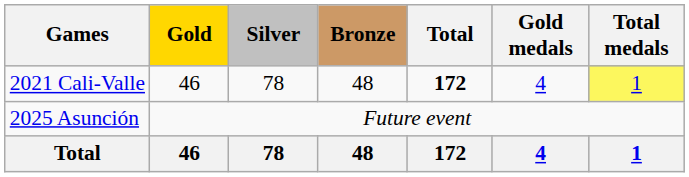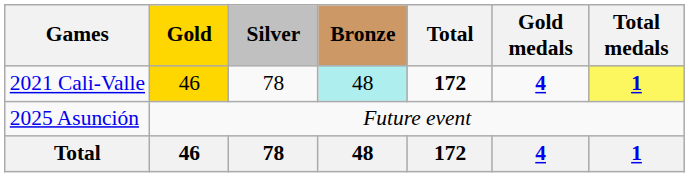 <table class="wikitable" style="text-align:center; font-size:90%;">
 <tr>
 <th>Games</th>
 <td style="background:gold; width:3.2em; font-weight:bold;">Gold</td>
 <td style="background:silver; width:3.7em; font-weight:bold;">Silver</td>
 <td style="background:#c96; width:3.7em; font-weight:bold;">Bronze</td>
 <th style="width:3.5em; font-weight:bold;">Total</th>
 <th style="width:4em; font-weight:bold;">Gold medals</th>
 <th style="width:4em; font-weight:bold;">Total medals</th>
 </tr>
 <tr>
 <td align="left"> <a href='#'>2021 Cali-Valle</a></td>
-<td>46</td>
+<td style="background: gold;">46</td>
 <td>78</td>
-<td>48</td>
+<td style="background: paleturquoise;">48</td>
 <td><strong>172</strong></td>
-<td><a href='#'>4</a></td>
-<td style="background:#FCF75E;"><a href='#'>1</a></td>
+<td><strong><a href='#'>4</a></strong></td>
+<td style="background:#FCF75E;"><strong><a href='#'>1</a></strong></td>
 </tr>
 <tr>
 <td align="left"> <a href='#'>2025 Asunción</a></td>
 <td colspan="6" style="text-align:center;"><em>Future event</em></td>
 </tr>
 <tr>
 <th>Total</th>
 <th>46</th>
 <th>78</th>
 <th>48</th>
 <th>172</th>
 <th><a href='#'>4</a></th>
 <th><a href='#'>1</a></th>
 </tr>
 </table>
